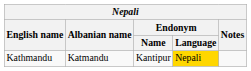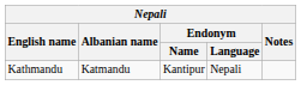 <table class="wikitable sortable">
 <tr>
 <th colspan="5"> <em>Nepali</em></th>
 </tr>
 <tr>
 <th rowspan="2">English name</th>
 <th rowspan="2">Albanian name</th>
 <th colspan="2">Endonym</th>
 <th rowspan="2">Notes</th>
 </tr>
 <tr>
 <th>Name</th>
 <th>Language</th>
 </tr>
 <tr>
 <td>Kathmandu</td>
 <td>Katmandu</td>
 <td>Kantipur</td>
-<td style="background: gold;">Nepali</td>
+<td>Nepali</td>
 <td></td>
 </tr>
 </table>
